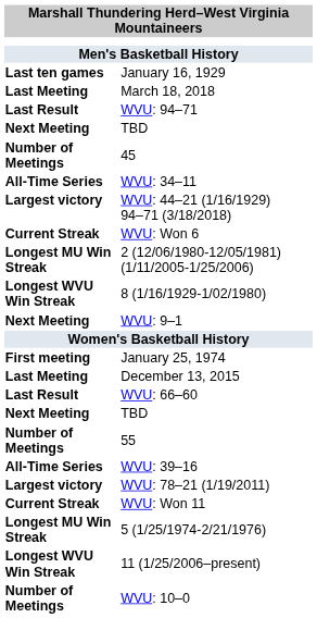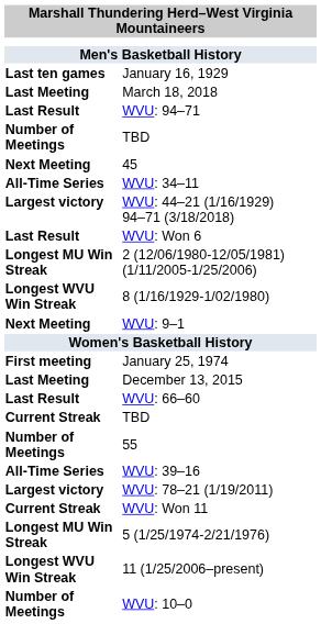 <table class="toccolours" style="float: right; clear: right; margin: 0 0 1em 1em; width: 23em;">
 <tr style="text-align:center;">
 <th colspan="2" style="text-align: center; background: #CCCCCC;">Marshall Thundering Herd–West Virginia Mountaineers</th>
 </tr>
 <tr>
 <td colspan="2" style="text-align: center"></td>
 </tr>
 <tr>
 <td colspan="2" style="text-align: center"></td>
 </tr>
 <tr>
 <th style="background: #E0E7EF;" colspan="2">Men's Basketball History</th>
 </tr>
 <tr>
 <td style="vertical-align: top;"><strong>Last ten games</strong></td>
 <td>January 16, 1929</td>
 </tr>
 <tr>
 <td style="vertical-align: top;"><strong>Last Meeting</strong></td>
 <td>March 18, 2018</td>
 </tr>
 <tr>
 <td style="vertical-align: top;"><strong>Last Result</strong></td>
 <td><a href='#'>WVU</a>: 94–71</td>
 </tr>
 <tr>
-<td style="vertical-align: top;"><strong>Next Meeting</strong></td>
+<td style="vertical-align: top;"><strong>Number of Meetings</strong></td>
 <td>TBD</td>
 </tr>
 <tr>
-<td style="vertical-align: top;"><strong>Number of Meetings</strong></td>
+<td style="vertical-align: top;"><strong>Next Meeting</strong></td>
 <td>45</td>
 </tr>
 <tr>
 <td style="vertical-align: top;"><strong>All-Time Series</strong></td>
 <td><a href='#'>WVU</a>: 34–11</td>
 </tr>
 <tr>
 <td style="vertical-align: top;"><strong>Largest victory</strong></td>
 <td><a href='#'>WVU</a>: 44–21 (1/16/1929)<br>94–71 (3/18/2018)</td>
 </tr>
 <tr>
-<td style="vertical-align: top;"><strong>Current Streak</strong></td>
+<td style="vertical-align: top;"><strong>Last Result</strong></td>
 <td><a href='#'>WVU</a>: Won 6</td>
 </tr>
 <tr>
 <td style="vertical-align: top;"><strong>Longest MU Win Streak</strong></td>
 <td>2 (12/06/1980-12/05/1981) (1/11/2005-1/25/2006)</td>
 </tr>
 <tr>
 <td style="vertical-align: top;"><strong>Longest WVU Win Streak</strong></td>
 <td>8 (1/16/1929-1/02/1980)</td>
 </tr>
 <tr>
 <td style="vertical-align: top;"><strong>Next Meeting</strong></td>
 <td><a href='#'>WVU</a>: 9–1</td>
 </tr>
 <tr>
 <th style="background: #E0E7EF;" colspan="2">Women's Basketball History</th>
 </tr>
 <tr>
 <td><strong>First meeting</strong></td>
 <td>January 25, 1974</td>
 </tr>
 <tr>
 <td style="vertical-align: top;"><strong>Last Meeting</strong></td>
 <td>December 13, 2015</td>
 </tr>
 <tr>
 <td style="vertical-align: top;"><strong>Last Result</strong></td>
 <td><a href='#'>WVU</a>: 66–60</td>
 </tr>
 <tr>
-<td style="vertical-align: top;"><strong>Next Meeting</strong></td>
+<td style="vertical-align: top;"><strong>Current Streak</strong></td>
 <td>TBD</td>
 </tr>
 <tr>
 <td style="vertical-align: top;"><strong>Number of Meetings</strong></td>
 <td>55</td>
 </tr>
 <tr>
 <td style="vertical-align: top;"><strong>All-Time Series</strong></td>
 <td><a href='#'>WVU</a>: 39–16</td>
 </tr>
 <tr>
 <td style="vertical-align: top;"><strong>Largest victory</strong></td>
 <td><a href='#'>WVU</a>: 78–21 (1/19/2011)</td>
 </tr>
 <tr>
 <td style="vertical-align: top;"><strong>Current Streak</strong></td>
 <td><a href='#'>WVU</a>: Won 11</td>
 </tr>
 <tr>
 <td style="vertical-align: top;"><strong>Longest MU Win Streak</strong></td>
 <td>5 (1/25/1974-2/21/1976)</td>
 </tr>
 <tr>
 <td style="vertical-align: top;"><strong>Longest WVU Win Streak</strong></td>
 <td>11 (1/25/2006–present)</td>
 </tr>
 <tr>
 <td style="vertical-align: top;"><strong>Number of Meetings</strong></td>
 <td><a href='#'>WVU</a>: 10–0</td>
 </tr>
 </table>
